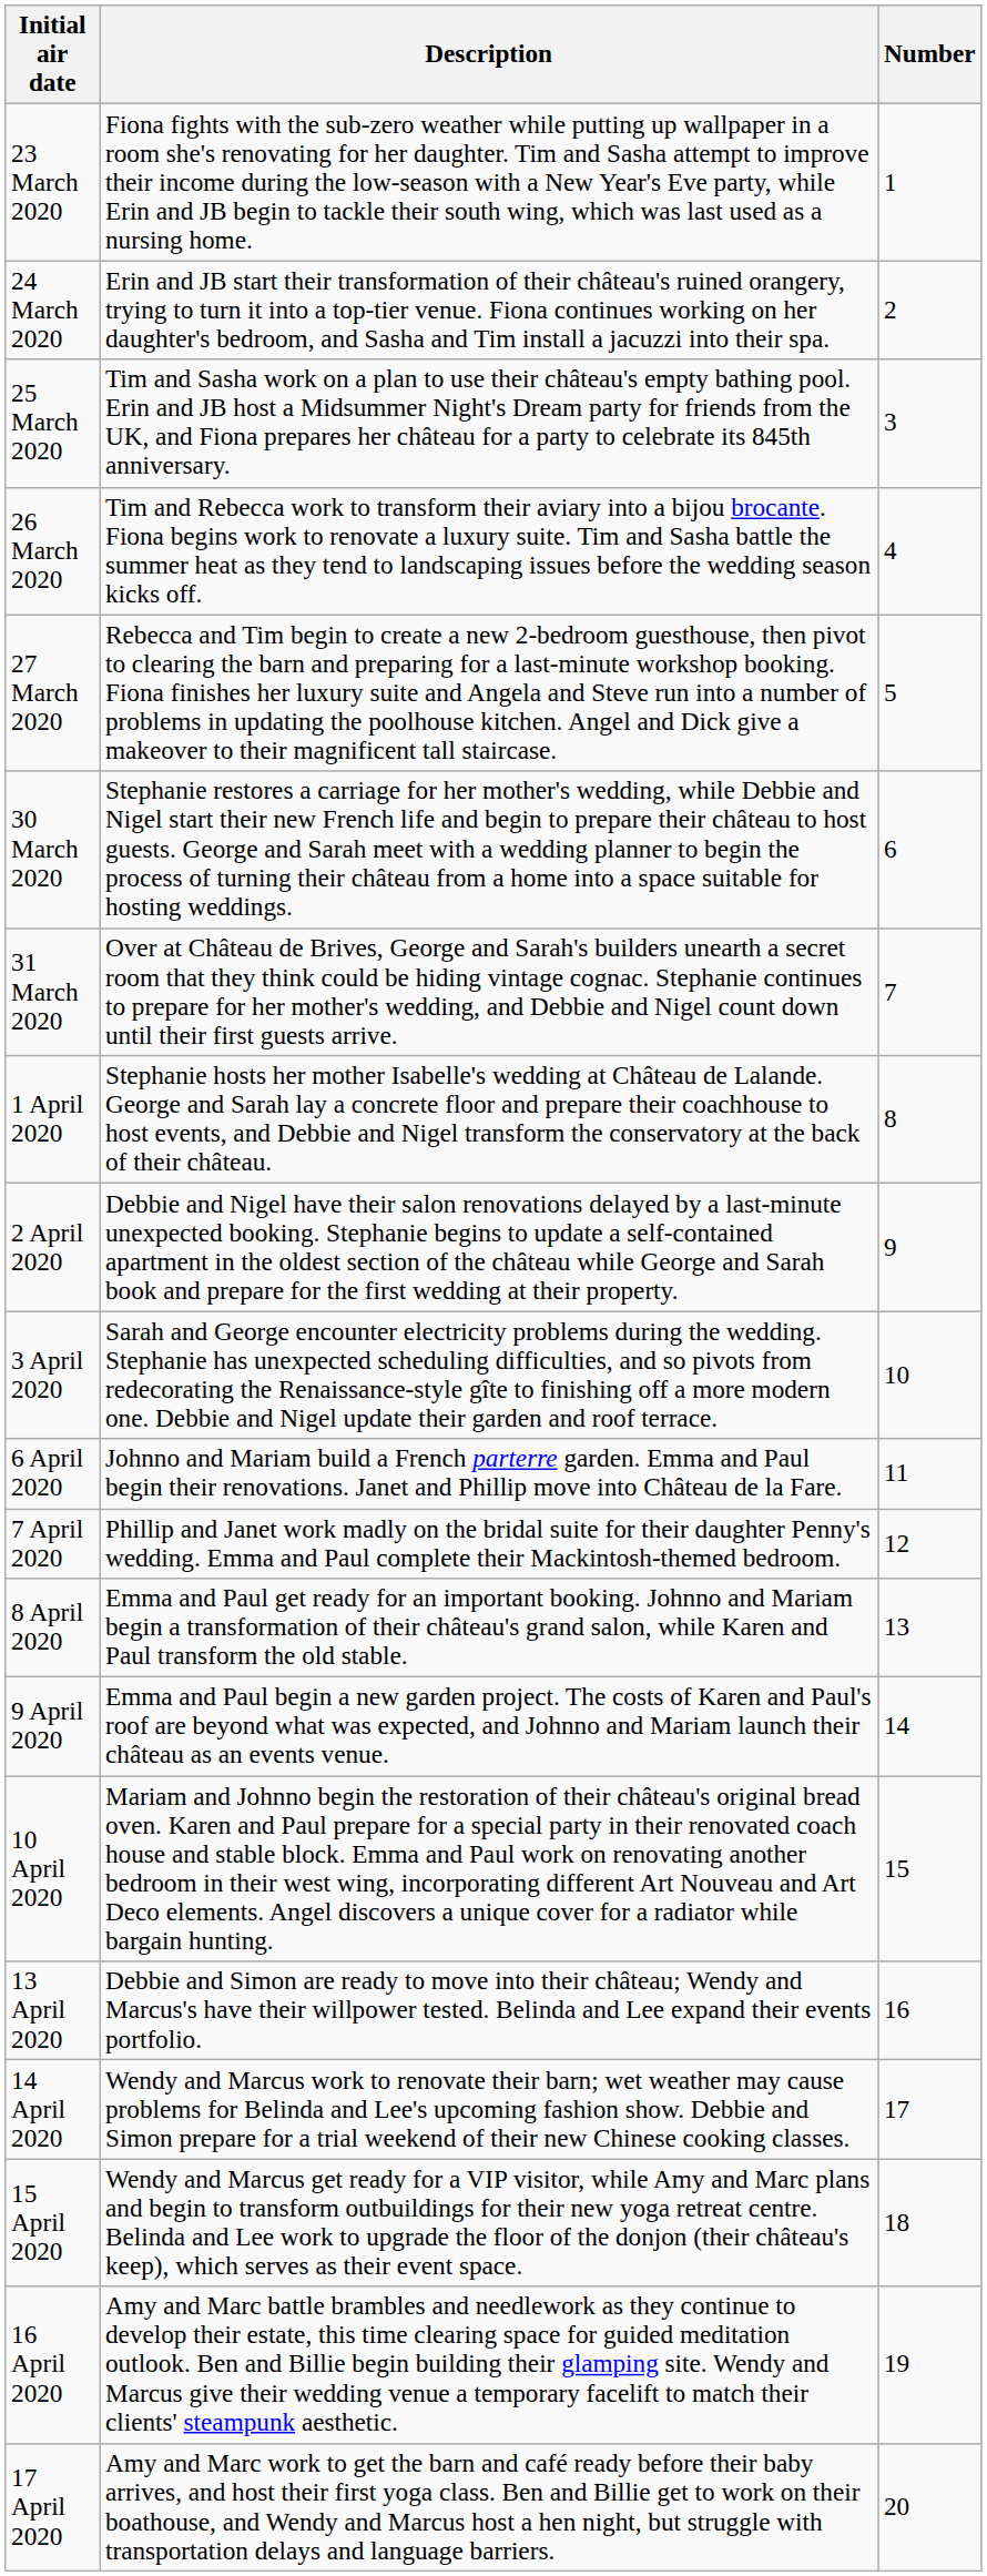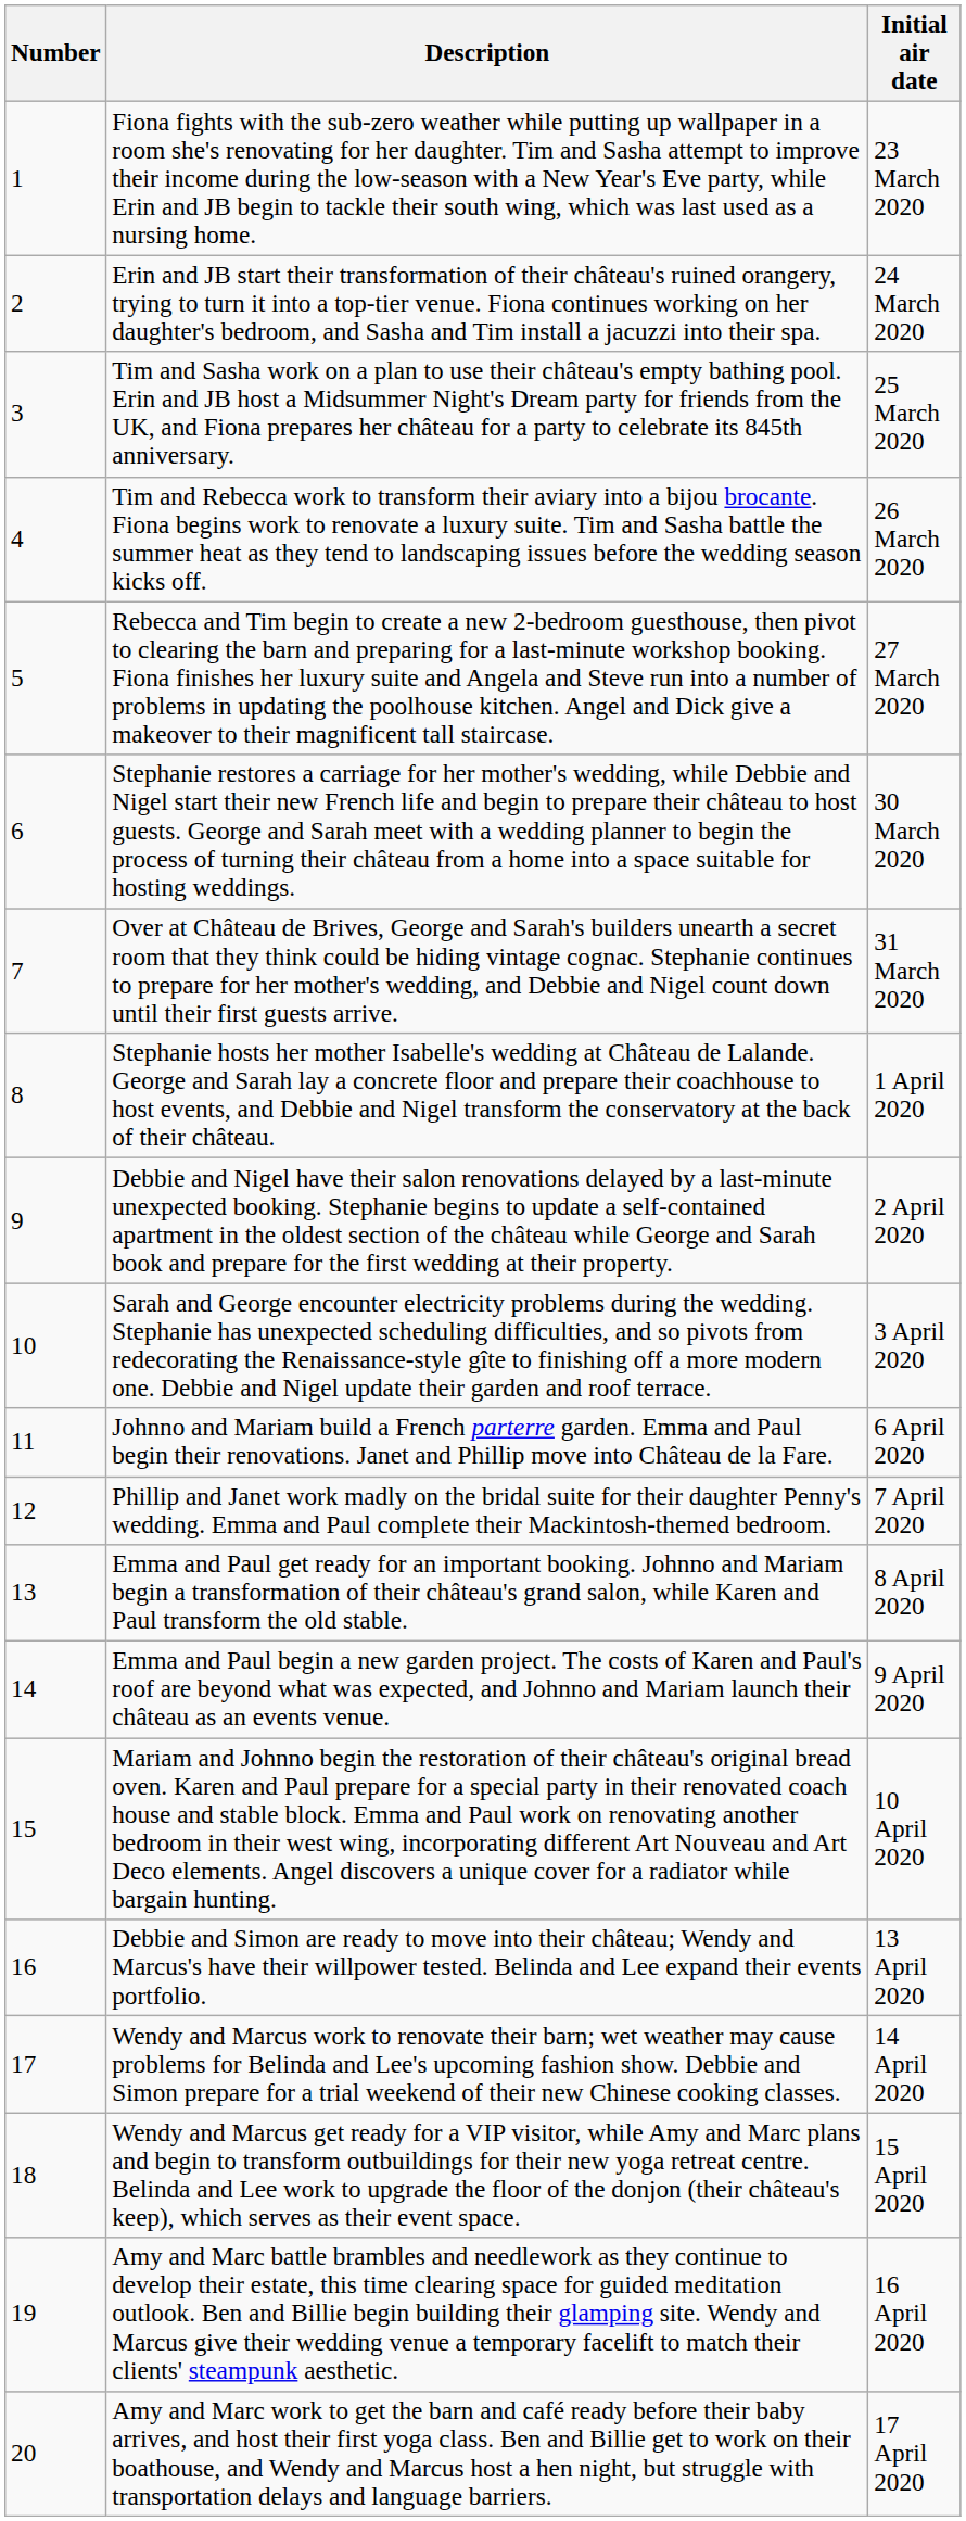 <table class="wikitable">
 <tr>
+<th>Number</th>
+<th>Description</th>
 <th>Initial air date</th>
-<th>Description</th>
-<th>Number</th>
 </tr>
 <tr>
+<td>1</td>
+<td>Fiona fights with the sub-zero weather while putting up wallpaper in a room she's renovating for her daughter. Tim and Sasha attempt to improve their income during the low-season with a New Year's Eve party, while Erin and JB begin to tackle their south wing, which was last used as a nursing home.</td>
 <td>23 March 2020</td>
-<td>Fiona fights with the sub-zero weather while putting up wallpaper in a room she's renovating for her daughter. Tim and Sasha attempt to improve their income during the low-season with a New Year's Eve party, while Erin and JB begin to tackle their south wing, which was last used as a nursing home.</td>
-<td>1</td>
 </tr>
 <tr>
+<td>2</td>
+<td>Erin and JB start their transformation of their château's ruined orangery, trying to turn it into a top-tier venue. Fiona continues working on her daughter's bedroom, and Sasha and Tim install a jacuzzi into their spa.</td>
 <td>24 March 2020</td>
-<td>Erin and JB start their transformation of their château's ruined orangery, trying to turn it into a top-tier venue. Fiona continues working on her daughter's bedroom, and Sasha and Tim install a jacuzzi into their spa.</td>
-<td>2</td>
 </tr>
 <tr>
+<td>3</td>
+<td>Tim and Sasha work on a plan to use their château's empty bathing pool. Erin and JB host a Midsummer Night's Dream party for friends from the UK, and Fiona prepares her château for a party to celebrate its 845th anniversary.</td>
 <td>25 March 2020</td>
-<td>Tim and Sasha work on a plan to use their château's empty bathing pool. Erin and JB host a Midsummer Night's Dream party for friends from the UK, and Fiona prepares her château for a party to celebrate its 845th anniversary.</td>
-<td>3</td>
 </tr>
 <tr>
+<td>4</td>
+<td>Tim and Rebecca work to transform their aviary into a bijou <a href='#'>brocante</a>. Fiona begins work to renovate a luxury suite. Tim and Sasha battle the summer heat as they tend to landscaping issues before the wedding season kicks off.</td>
 <td>26 March 2020</td>
-<td>Tim and Rebecca work to transform their aviary into a bijou <a href='#'>brocante</a>. Fiona begins work to renovate a luxury suite. Tim and Sasha battle the summer heat as they tend to landscaping issues before the wedding season kicks off.</td>
-<td>4</td>
 </tr>
 <tr>
+<td>5</td>
+<td>Rebecca and Tim begin to create a new 2-bedroom guesthouse, then pivot to clearing the barn and preparing for a last-minute workshop booking. Fiona finishes her luxury suite and Angela and Steve run into a number of problems in updating the poolhouse kitchen. Angel and Dick give a makeover to their magnificent  tall staircase.</td>
 <td>27 March 2020</td>
-<td>Rebecca and Tim begin to create a new 2-bedroom guesthouse, then pivot to clearing the barn and preparing for a last-minute workshop booking. Fiona finishes her luxury suite and Angela and Steve run into a number of problems in updating the poolhouse kitchen. Angel and Dick give a makeover to their magnificent  tall staircase.</td>
-<td>5</td>
 </tr>
 <tr>
+<td>6</td>
+<td>Stephanie restores a carriage for her mother's wedding, while Debbie and Nigel start their new French life and begin to prepare their château to host guests. George and Sarah meet with a wedding planner to begin the process of turning their château from a home into a space suitable for hosting weddings.</td>
 <td>30 March 2020</td>
-<td>Stephanie restores a carriage for her mother's wedding, while Debbie and Nigel start their new French life and begin to prepare their château to host guests. George and Sarah meet with a wedding planner to begin the process of turning their château from a home into a space suitable for hosting weddings.</td>
-<td>6</td>
 </tr>
 <tr>
+<td>7</td>
+<td>Over at Château de Brives, George and Sarah's builders unearth a secret room that they think could be hiding vintage cognac. Stephanie continues to prepare for her mother's wedding, and Debbie and Nigel count down until their first guests arrive.</td>
 <td>31 March 2020</td>
-<td>Over at Château de Brives, George and Sarah's builders unearth a secret room that they think could be hiding vintage cognac. Stephanie continues to prepare for her mother's wedding, and Debbie and Nigel count down until their first guests arrive.</td>
-<td>7</td>
 </tr>
 <tr>
+<td>8</td>
+<td>Stephanie hosts her mother Isabelle's wedding at Château de Lalande. George and Sarah lay a concrete floor and prepare their coachhouse to host events, and Debbie and Nigel transform the conservatory at the back of their château.</td>
 <td>1 April 2020</td>
-<td>Stephanie hosts her mother Isabelle's wedding at Château de Lalande. George and Sarah lay a concrete floor and prepare their coachhouse to host events, and Debbie and Nigel transform the conservatory at the back of their château.</td>
-<td>8</td>
 </tr>
 <tr>
+<td>9</td>
+<td>Debbie and Nigel have their salon renovations delayed by a last-minute unexpected booking. Stephanie begins to update a self-contained apartment in the oldest section of the château while George and Sarah book and prepare for the first wedding at their property.</td>
 <td>2 April 2020</td>
-<td>Debbie and Nigel have their salon renovations delayed by a last-minute unexpected booking. Stephanie begins to update a self-contained apartment in the oldest section of the château while George and Sarah book and prepare for the first wedding at their property.</td>
-<td>9</td>
 </tr>
 <tr>
+<td>10</td>
+<td>Sarah and George encounter electricity problems during the wedding. Stephanie has unexpected scheduling difficulties, and so pivots from redecorating the Renaissance-style gîte to finishing off a more modern one. Debbie and Nigel update their garden and roof terrace.</td>
 <td>3 April 2020</td>
-<td>Sarah and George encounter electricity problems during the wedding. Stephanie has unexpected scheduling difficulties, and so pivots from redecorating the Renaissance-style gîte to finishing off a more modern one. Debbie and Nigel update their garden and roof terrace.</td>
-<td>10</td>
 </tr>
 <tr>
+<td>11</td>
+<td>Johnno and Mariam build a French <em><a href='#'>parterre</a></em> garden. Emma and Paul begin their renovations. Janet and Phillip move into Château de la Fare.</td>
 <td>6 April 2020</td>
-<td>Johnno and Mariam build a French <em><a href='#'>parterre</a></em> garden. Emma and Paul begin their renovations. Janet and Phillip move into Château de la Fare.</td>
-<td>11</td>
 </tr>
 <tr>
+<td>12</td>
+<td>Phillip and Janet work madly on the bridal suite for their daughter Penny's wedding. Emma and Paul complete their Mackintosh-themed bedroom.</td>
 <td>7 April 2020</td>
-<td>Phillip and Janet work madly on the bridal suite for their daughter Penny's wedding. Emma and Paul complete their Mackintosh-themed bedroom.</td>
-<td>12</td>
 </tr>
 <tr>
+<td>13</td>
+<td>Emma and Paul get ready for an important booking. Johnno and Mariam begin a transformation of their château's grand salon, while Karen and Paul transform the old stable.</td>
 <td>8 April 2020</td>
-<td>Emma and Paul get ready for an important booking. Johnno and Mariam begin a transformation of their château's grand salon, while Karen and Paul transform the old stable.</td>
-<td>13</td>
 </tr>
 <tr>
+<td>14</td>
+<td>Emma and Paul begin a new garden project. The costs of Karen and Paul's roof are beyond what was expected, and Johnno and Mariam launch their château as an events venue.</td>
 <td>9 April 2020</td>
-<td>Emma and Paul begin a new garden project. The costs of Karen and Paul's roof are beyond what was expected, and Johnno and Mariam launch their château as an events venue.</td>
-<td>14</td>
 </tr>
 <tr>
+<td>15</td>
+<td>Mariam and Johnno begin the restoration of their château's original bread oven. Karen and Paul prepare for a special party in their renovated coach house and stable block. Emma and Paul work on renovating another bedroom in their west wing, incorporating different Art Nouveau and Art Deco elements. Angel discovers a unique cover for a radiator while bargain hunting.</td>
 <td>10 April 2020</td>
-<td>Mariam and Johnno begin the restoration of their château's original bread oven. Karen and Paul prepare for a special party in their renovated coach house and stable block. Emma and Paul work on renovating another bedroom in their west wing, incorporating different Art Nouveau and Art Deco elements. Angel discovers a unique cover for a radiator while bargain hunting.</td>
-<td>15</td>
 </tr>
 <tr>
+<td>16</td>
+<td>Debbie and Simon are ready to move into their château; Wendy and Marcus's have their willpower tested. Belinda and Lee expand their events portfolio.</td>
 <td>13 April 2020</td>
-<td>Debbie and Simon are ready to move into their château; Wendy and Marcus's have their willpower tested. Belinda and Lee expand their events portfolio.</td>
-<td>16</td>
 </tr>
 <tr>
+<td>17</td>
+<td>Wendy and Marcus work to renovate their barn; wet weather may cause problems for Belinda and Lee's upcoming fashion show. Debbie and Simon prepare for a trial weekend of their new Chinese cooking classes.</td>
 <td>14 April 2020</td>
-<td>Wendy and Marcus work to renovate their barn; wet weather may cause problems for Belinda and Lee's upcoming fashion show. Debbie and Simon prepare for a trial weekend of their new Chinese cooking classes.</td>
-<td>17</td>
 </tr>
 <tr>
+<td>18</td>
+<td>Wendy and Marcus get ready for a VIP visitor, while Amy and Marc plans and begin to transform outbuildings for their new yoga retreat centre. Belinda and Lee work to upgrade the floor of the donjon (their château's keep), which serves as their event space.</td>
 <td>15 April 2020</td>
-<td>Wendy and Marcus get ready for a VIP visitor, while Amy and Marc plans and begin to transform outbuildings for their new yoga retreat centre. Belinda and Lee work to upgrade the floor of the donjon (their château's keep), which serves as their event space.</td>
-<td>18</td>
 </tr>
 <tr>
+<td>19</td>
+<td>Amy and Marc battle brambles and needlework as they continue to develop their estate, this time clearing space for guided meditation outlook. Ben and Billie begin building their <a href='#'>glamping</a> site. Wendy and Marcus give their wedding venue a temporary facelift to match their clients' <a href='#'>steampunk</a> aesthetic.</td>
 <td>16 April 2020</td>
-<td>Amy and Marc battle brambles and needlework as they continue to develop their estate, this time clearing space for guided meditation outlook. Ben and Billie begin building their <a href='#'>glamping</a> site. Wendy and Marcus give their wedding venue a temporary facelift to match their clients' <a href='#'>steampunk</a> aesthetic.</td>
-<td>19</td>
 </tr>
 <tr>
+<td>20</td>
+<td>Amy and Marc work to get the barn and café ready before their baby arrives, and host their first yoga class. Ben and Billie get to work on their boathouse, and Wendy and Marcus host a hen night, but struggle with transportation delays and language barriers.</td>
 <td>17 April 2020</td>
-<td>Amy and Marc work to get the barn and café ready before their baby arrives, and host their first yoga class. Ben and Billie get to work on their boathouse, and Wendy and Marcus host a hen night, but struggle with transportation delays and language barriers.</td>
-<td>20</td>
 </tr>
 </table>
